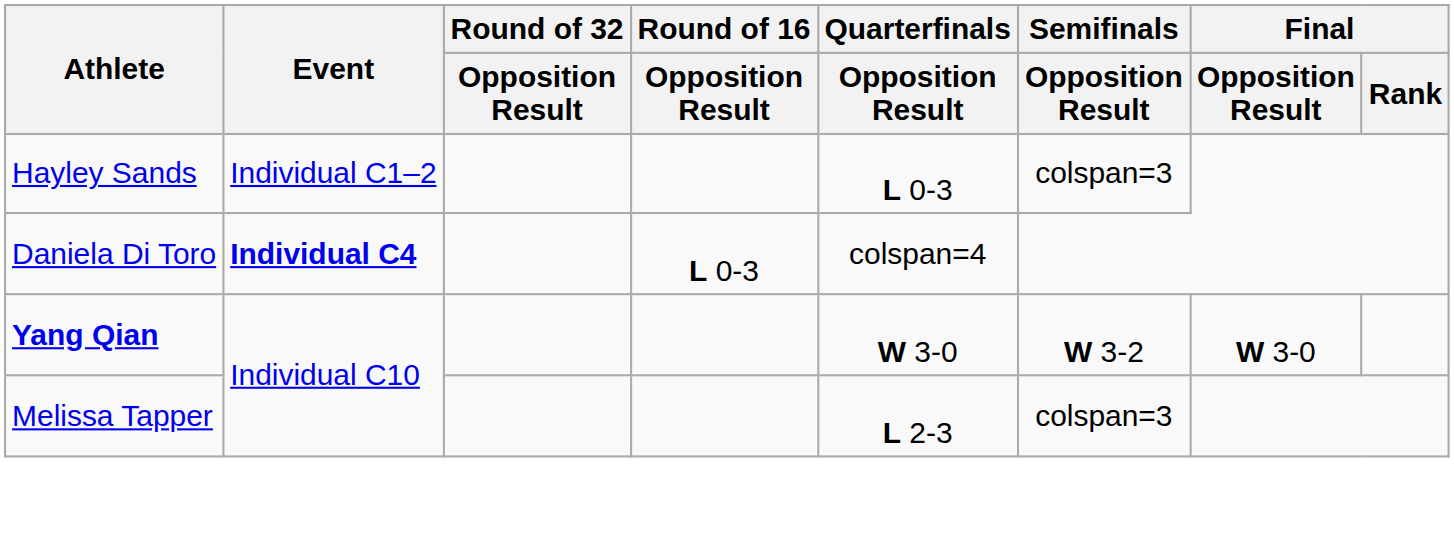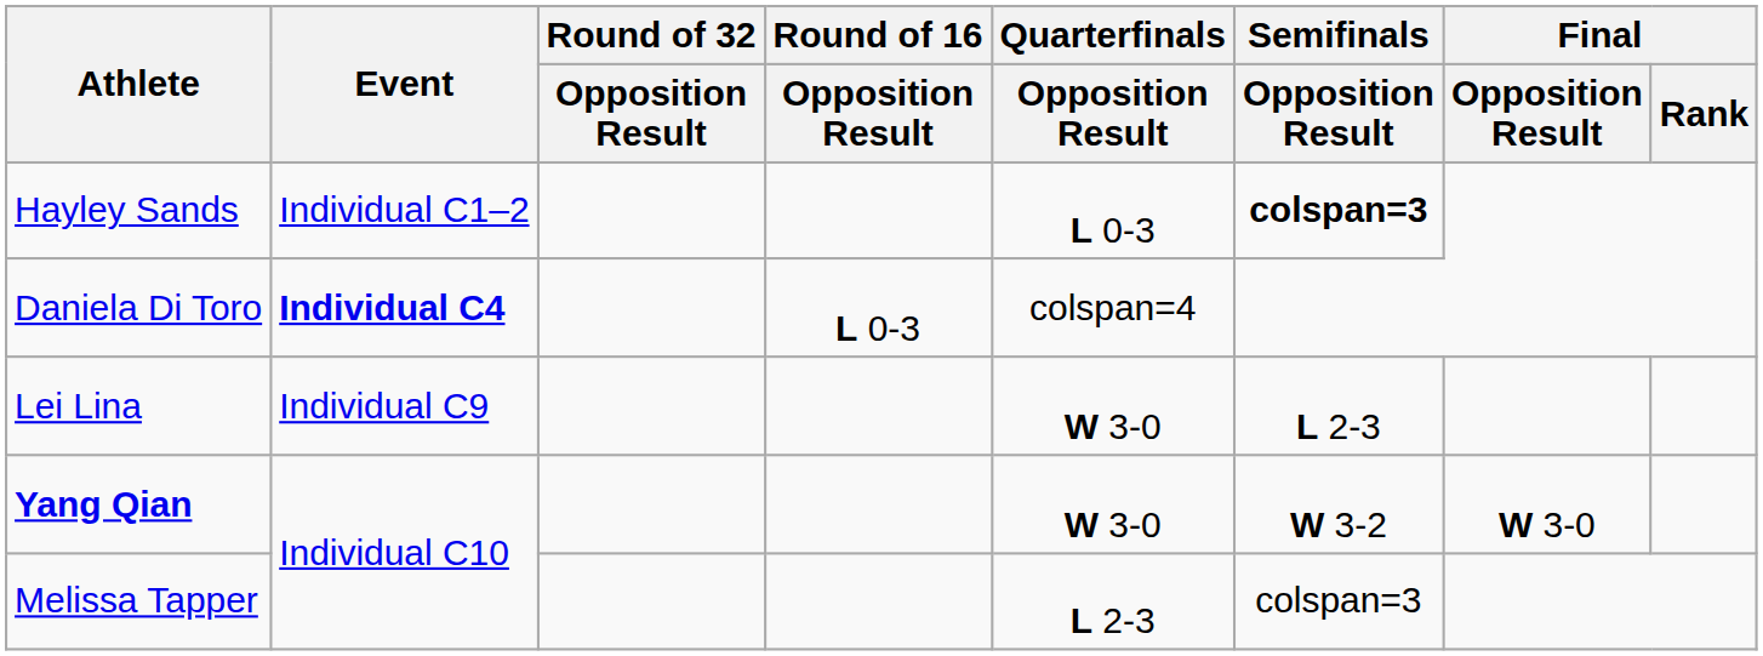 <table class=wikitable style="font-size:90%">
 <tr>
 <th rowspan="2">Athlete</th>
 <th rowspan="2">Event</th>
 <th>Round of 32</th>
 <th>Round of 16</th>
 <th>Quarterfinals</th>
 <th>Semifinals</th>
 <th colspan="2">Final</th>
 </tr>
 <tr>
 <th>Opposition<br>Result</th>
 <th>Opposition<br>Result</th>
 <th>Opposition<br>Result</th>
 <th>Opposition<br>Result</th>
 <th>Opposition<br>Result</th>
 <th>Rank</th>
 </tr>
 <tr align=center>
 <td align=left><a href='#'>Hayley Sands</a></td>
 <td align=left><a href='#'>Individual C1–2</a></td>
 <td></td>
 <td></td>
 <td><br> <strong>L</strong> 0-3</td>
-<td>colspan=3 </td>
+<td><strong>colspan=3 </strong></td>
 </tr>
 <tr align=center>
 <td align=left><a href='#'>Daniela Di Toro</a></td>
 <td align=left><strong><a href='#'>Individual C4</a></strong></td>
 <td></td>
 <td><br><strong>L</strong> 0-3</td>
 <td>colspan=4 </td>
+</tr>
+<tr align=center>
+<td align=left><a href='#'>Lei Lina</a></td>
+<td align=left><a href='#'>Individual C9</a></td>
+<td></td>
+<td></td>
+<td><br><strong>W</strong> 3-0</td>
+<td><br><strong>L</strong> 2-3</td>
+<td></td>
+<td></td>
 </tr>
 <tr align=center>
 <td align=left><strong><a href='#'>Yang Qian</a></strong></td>
 <td align=left rowspan=2><a href='#'>Individual C10</a></td>
 <td></td>
 <td></td>
 <td><br> <strong>W</strong> 3-0</td>
 <td><br> <strong>W</strong> 3-2</td>
 <td><br><strong>W</strong> 3-0</td>
 <td></td>
 </tr>
 <tr align=center>
 <td align=left><a href='#'>Melissa Tapper</a></td>
 <td></td>
 <td></td>
 <td><br><strong>L</strong> 2-3</td>
 <td>colspan=3 </td>
 </tr>
 </table>
